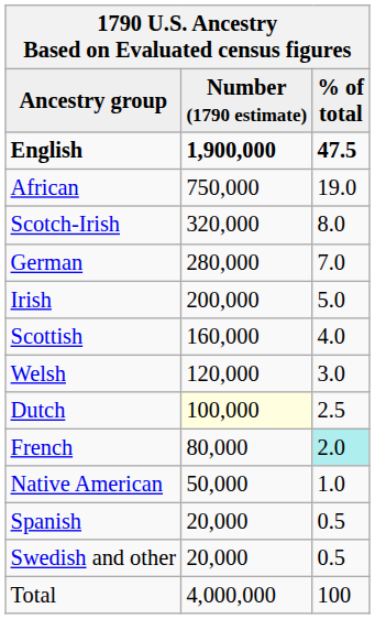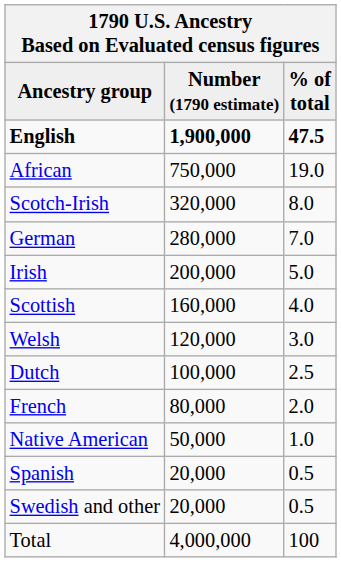 <table class="sort wikitable sortable"  style="float:right; font-size:95%;">
 <tr>
 <th colspan=3>1790 U.S. Ancestry<br>Based on Evaluated census figures</th>
 </tr>
 <tr>
 <th style="background:#efefef;">Ancestry group</th>
 <th style="background:#efefef;">Number<br><small>(1790 estimate)</small></th>
 <th style="background:#efefef;">% of <br>total</th>
 </tr>
 <tr>
 <td><strong>English</strong></td>
 <td><strong>1,900,000</strong></td>
 <td><strong>47.5</strong></td>
 </tr>
 <tr>
 <td><a href='#'>African</a></td>
 <td>750,000</td>
 <td>19.0</td>
 </tr>
 <tr>
 <td><a href='#'>Scotch-Irish</a></td>
 <td>320,000</td>
 <td>8.0</td>
 </tr>
 <tr>
 <td><a href='#'>German</a></td>
 <td>280,000</td>
 <td>7.0</td>
 </tr>
 <tr>
 <td><a href='#'>Irish</a></td>
 <td>200,000</td>
 <td>5.0</td>
 </tr>
 <tr>
 <td><a href='#'>Scottish</a></td>
 <td>160,000</td>
 <td>4.0</td>
 </tr>
 <tr>
 <td><a href='#'>Welsh</a></td>
 <td>120,000</td>
 <td>3.0</td>
 </tr>
 <tr>
 <td><a href='#'>Dutch</a></td>
-<td style="background: lightyellow;">100,000</td>
+<td>100,000</td>
 <td>2.5</td>
 </tr>
 <tr>
 <td><a href='#'>French</a></td>
 <td>80,000</td>
-<td style="background: paleturquoise;">2.0</td>
+<td>2.0</td>
 </tr>
 <tr>
 <td><a href='#'>Native American</a></td>
 <td>50,000</td>
 <td>1.0</td>
 </tr>
 <tr>
 <td><a href='#'>Spanish</a></td>
 <td>20,000</td>
 <td>0.5</td>
 </tr>
 <tr>
 <td><a href='#'>Swedish</a> and other</td>
 <td>20,000</td>
 <td>0.5</td>
 </tr>
 <tr>
 <td>Total</td>
 <td>4,000,000</td>
 <td>100</td>
 </tr>
 </table>
